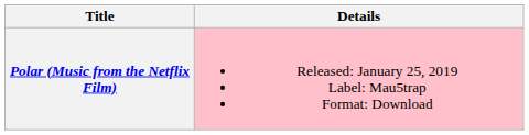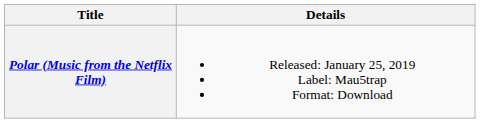 <table class="wikitable plainrowheaders" style="text-align:center;">
 <tr>
 <th scope="col" style="width:12.5em;">Title</th>
 <th scope="col" style="width:22em;">Details</th>
 </tr>
 <tr>
 <th scope="row"><em><a href='#'>Polar (Music from the Netflix Film)</a></em></th>
-<td style="background: pink;"><br><ul><li>Released: January 25, 2019</li><li>Label: Mau5trap</li><li>Format: Download</li></ul></td>
+<td><br><ul><li>Released: January 25, 2019</li><li>Label: Mau5trap</li><li>Format: Download</li></ul></td>
 </tr>
 </table>
